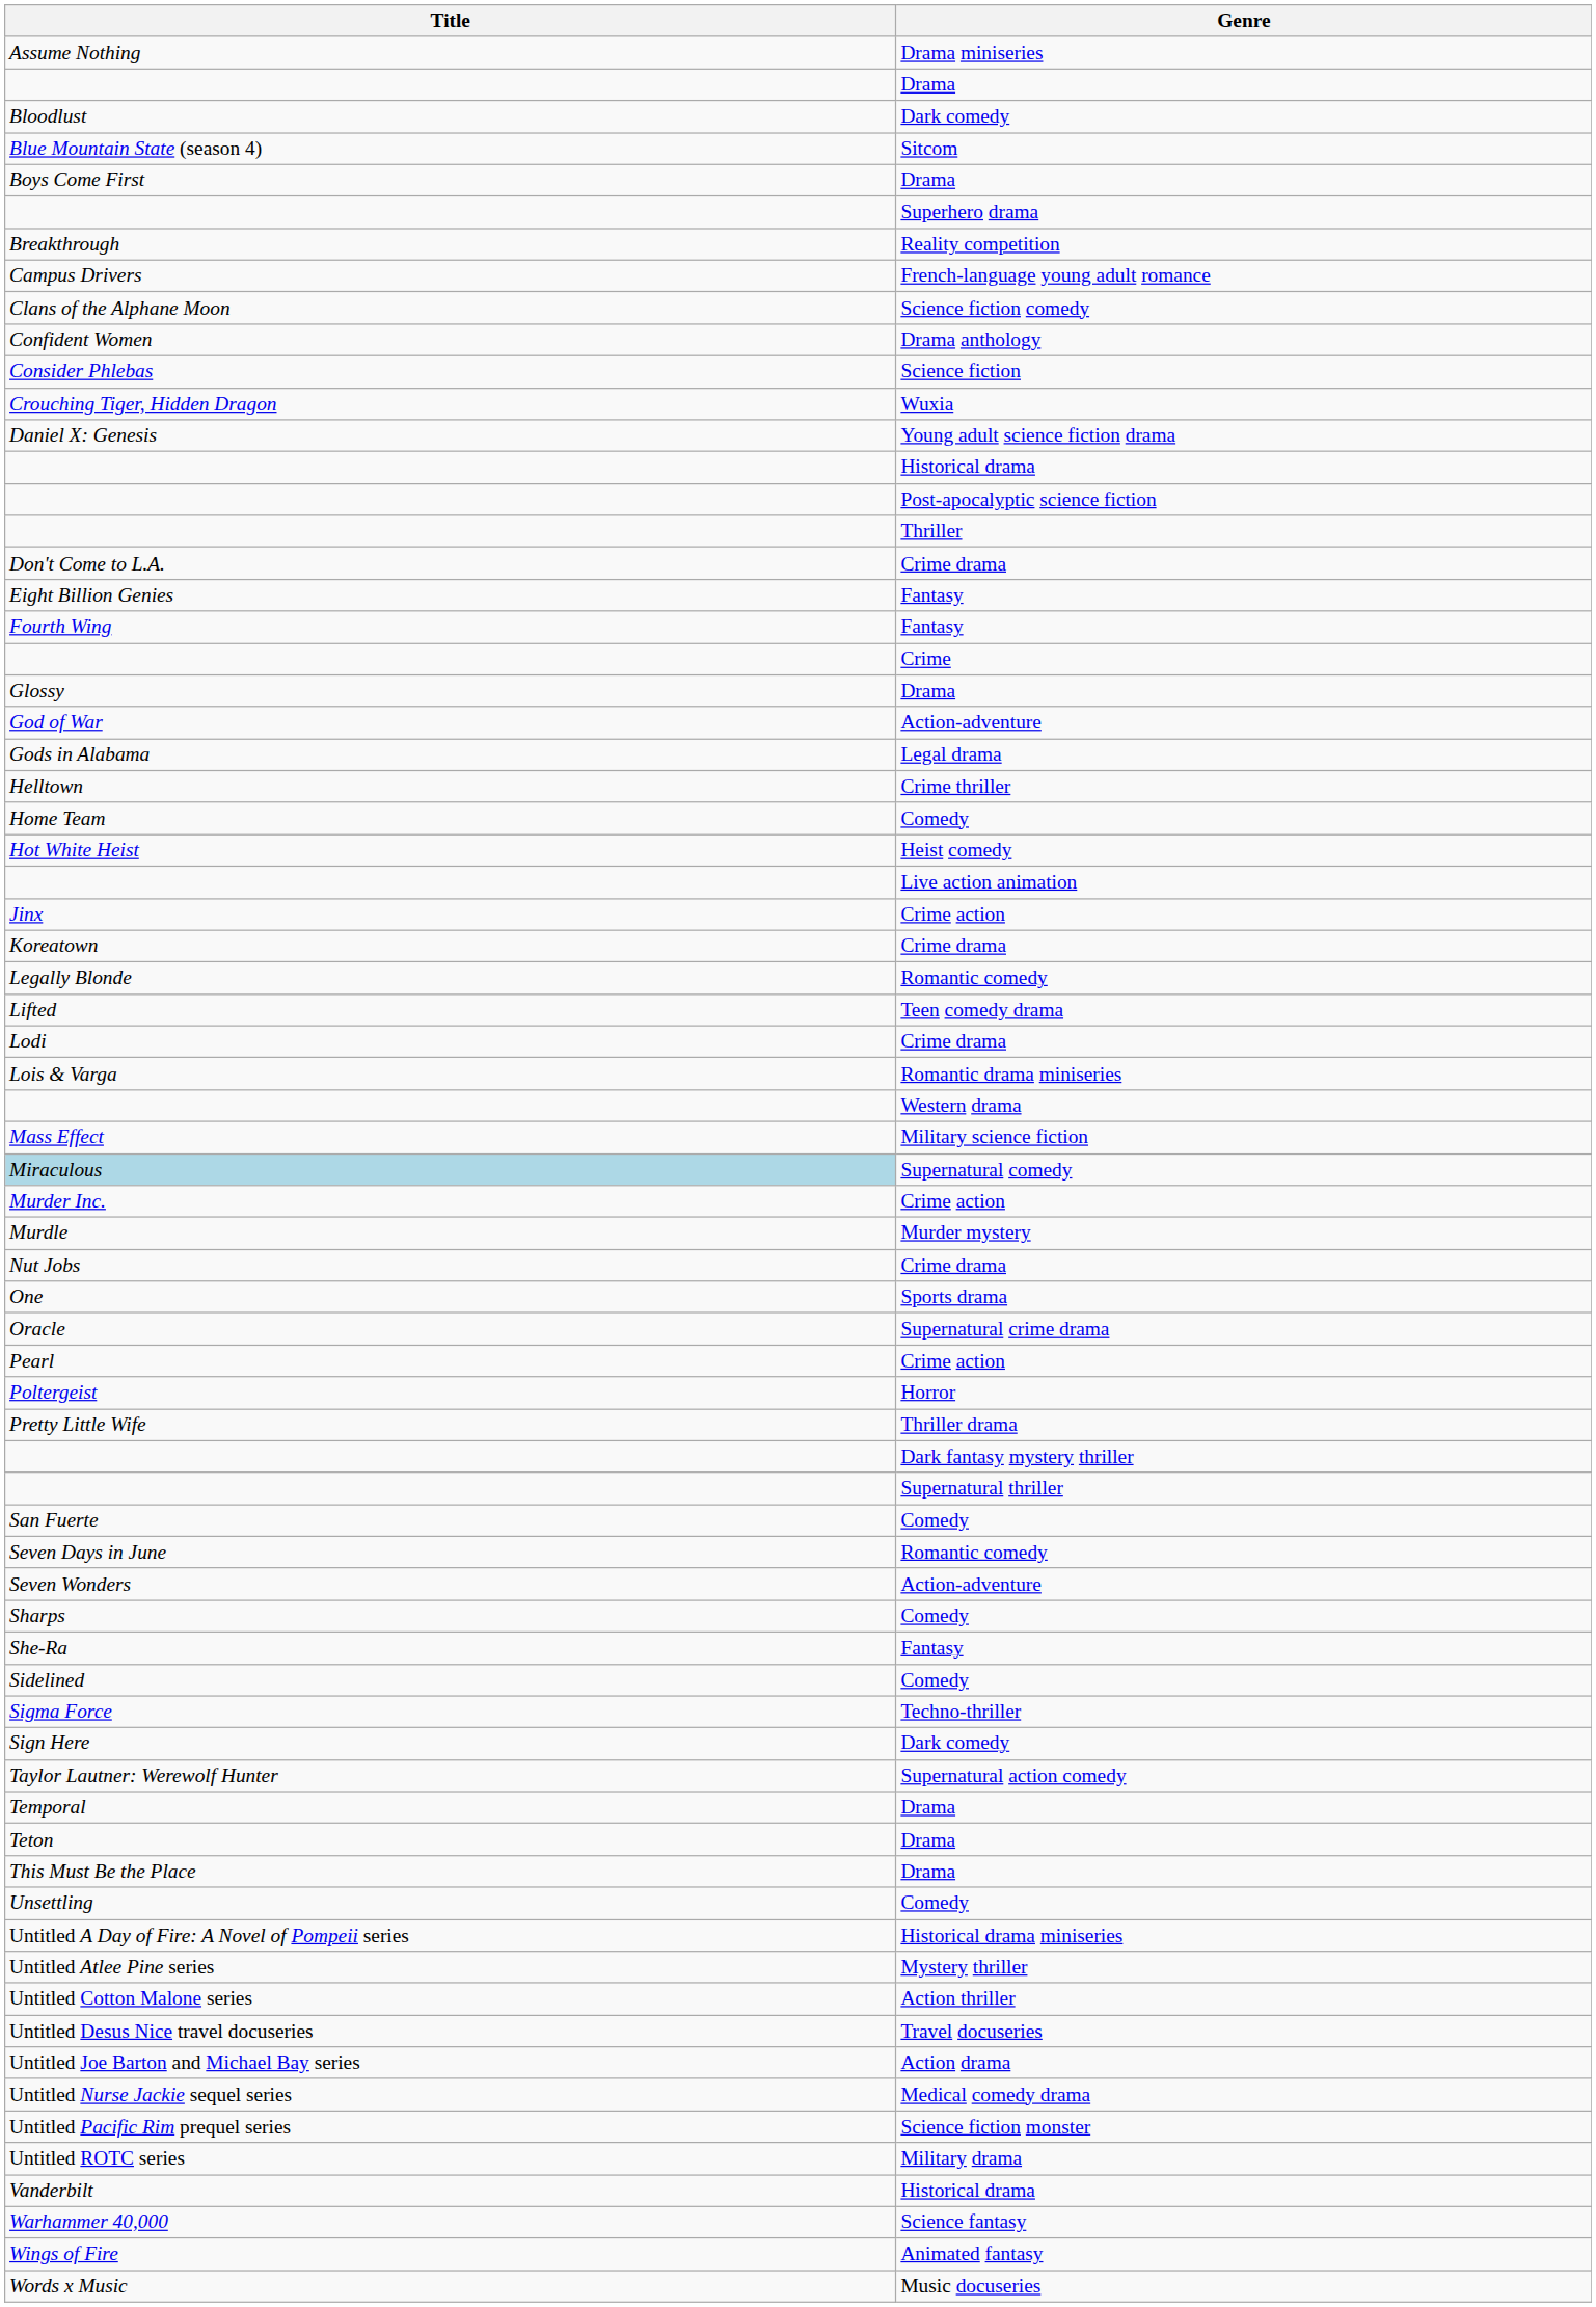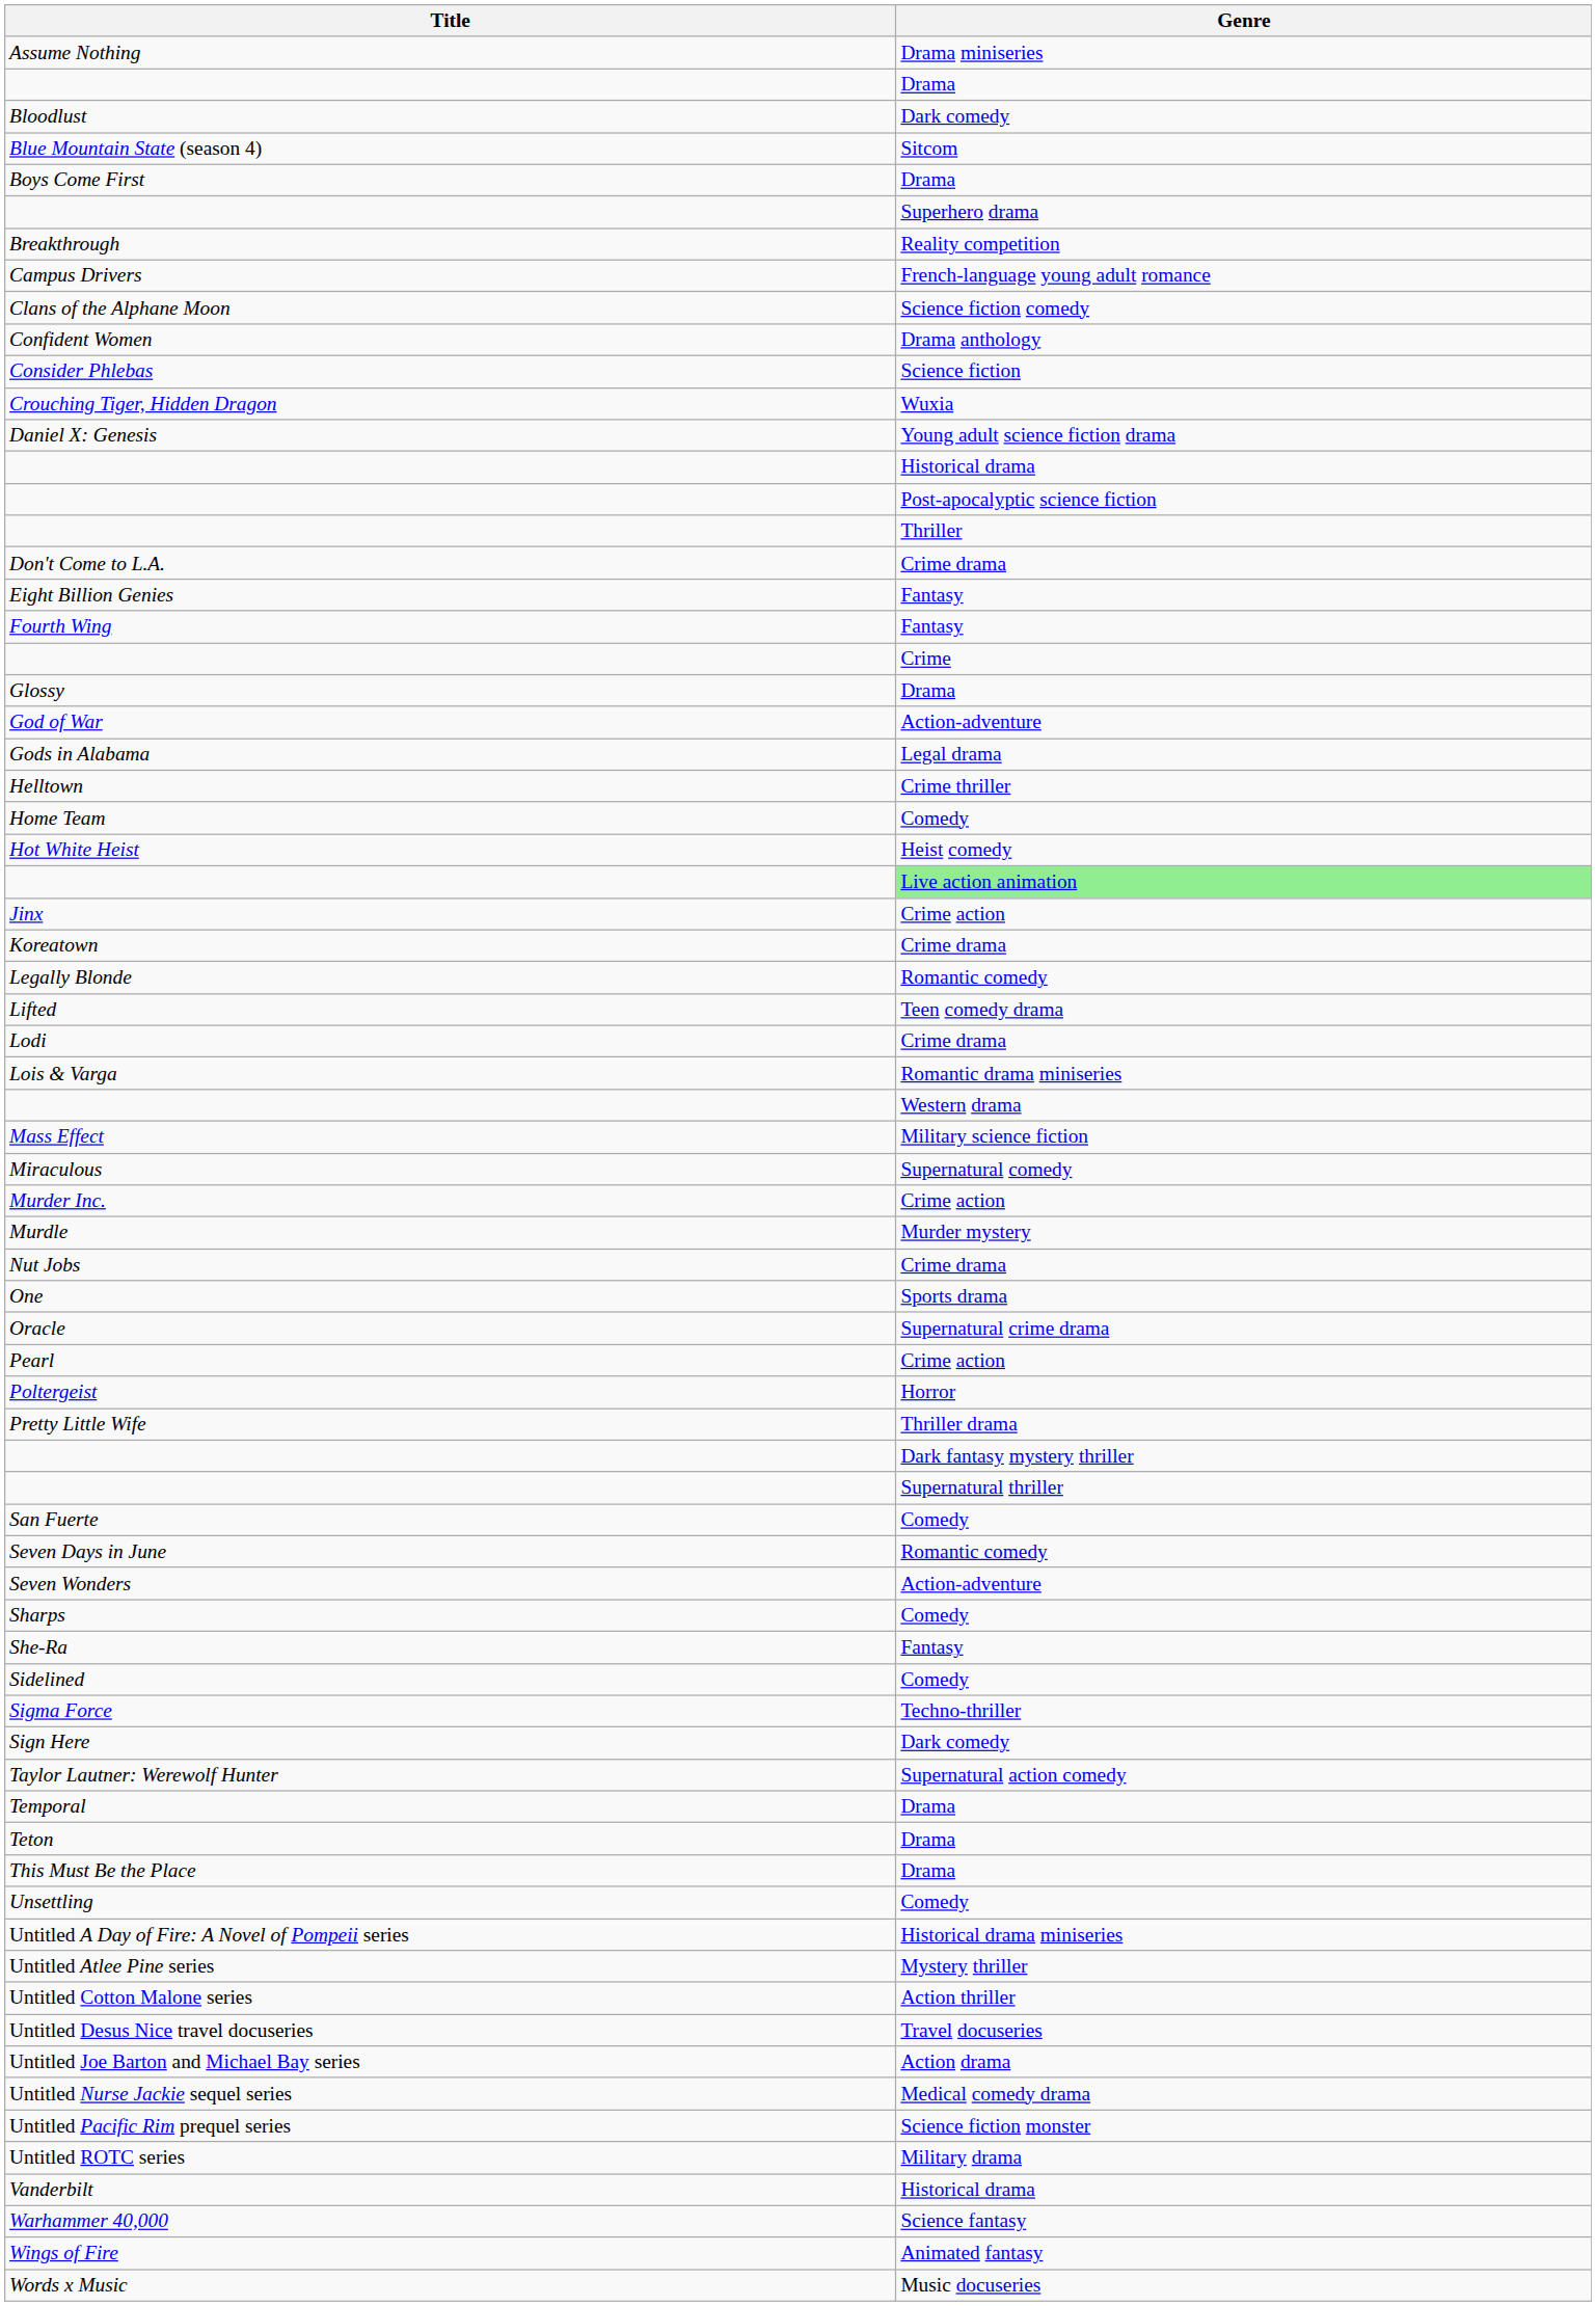 <table class="wikitable sortable" style="width:100%;">
 <tr>
 <th>Title</th>
 <th>Genre</th>
 </tr>
 <tr>
 <td><em>Assume Nothing</em></td>
 <td><a href='#'>Drama</a> <a href='#'>miniseries</a></td>
 </tr>
 <tr>
 <td><em></em></td>
 <td><a href='#'>Drama</a></td>
 </tr>
 <tr>
 <td><em>Bloodlust</em></td>
 <td><a href='#'>Dark comedy</a></td>
 </tr>
 <tr>
 <td><em><a href='#'>Blue Mountain State</a></em> (season 4)</td>
 <td><a href='#'>Sitcom</a></td>
 </tr>
 <tr>
 <td><em>Boys Come First</em></td>
 <td><a href='#'>Drama</a></td>
 </tr>
 <tr>
 <td><em></em></td>
 <td><a href='#'>Superhero</a> <a href='#'>drama</a></td>
 </tr>
 <tr>
 <td><em>Breakthrough</em></td>
 <td><a href='#'>Reality competition</a></td>
 </tr>
 <tr>
 <td><em>Campus Drivers</em></td>
 <td><a href='#'>French-language</a> <a href='#'>young adult</a> <a href='#'>romance</a></td>
 </tr>
 <tr>
 <td><em>Clans of the Alphane Moon</em></td>
 <td><a href='#'>Science fiction</a> <a href='#'>comedy</a></td>
 </tr>
 <tr>
 <td><em>Confident Women</em></td>
 <td><a href='#'>Drama</a> <a href='#'>anthology</a></td>
 </tr>
 <tr>
 <td><em><a href='#'>Consider Phlebas</a></em></td>
 <td><a href='#'>Science fiction</a></td>
 </tr>
 <tr>
 <td><em><a href='#'>Crouching Tiger, Hidden Dragon</a></em></td>
 <td><a href='#'>Wuxia</a></td>
 </tr>
 <tr>
 <td><em>Daniel X: Genesis</em></td>
 <td><a href='#'>Young adult</a> <a href='#'>science fiction</a> <a href='#'>drama</a></td>
 </tr>
 <tr>
 <td><em></em></td>
 <td><a href='#'>Historical drama</a></td>
 </tr>
 <tr>
 <td><em></em></td>
 <td><a href='#'>Post-apocalyptic</a> <a href='#'>science fiction</a></td>
 </tr>
 <tr>
 <td><em></em></td>
 <td><a href='#'>Thriller</a></td>
 </tr>
 <tr>
 <td><em>Don't Come to L.A.</em></td>
 <td><a href='#'>Crime drama</a></td>
 </tr>
 <tr>
 <td><em>Eight Billion Genies</em></td>
 <td><a href='#'>Fantasy</a></td>
 </tr>
 <tr>
 <td><em><a href='#'>Fourth Wing</a></em></td>
 <td><a href='#'>Fantasy</a></td>
 </tr>
 <tr>
 <td><em></em></td>
 <td><a href='#'>Crime</a></td>
 </tr>
 <tr>
 <td><em>Glossy</em></td>
 <td><a href='#'>Drama</a></td>
 </tr>
 <tr>
 <td><em><a href='#'>God of War</a></em></td>
 <td><a href='#'>Action-adventure</a></td>
 </tr>
 <tr>
 <td><em>Gods in Alabama</em></td>
 <td><a href='#'>Legal drama</a></td>
 </tr>
 <tr>
 <td><em>Helltown</em></td>
 <td><a href='#'>Crime thriller</a></td>
 </tr>
 <tr>
 <td><em>Home Team</em></td>
 <td><a href='#'>Comedy</a></td>
 </tr>
 <tr>
 <td><em><a href='#'>Hot White Heist</a></em></td>
 <td><a href='#'>Heist</a> <a href='#'>comedy</a></td>
 </tr>
 <tr>
 <td><em></em></td>
-<td><a href='#'>Live action animation</a></td>
+<td style="background: lightgreen;"><a href='#'>Live action animation</a></td>
 </tr>
 <tr>
 <td><em><a href='#'>Jinx</a></em></td>
 <td><a href='#'>Crime</a> <a href='#'>action</a></td>
 </tr>
 <tr>
 <td><em>Koreatown</em></td>
 <td><a href='#'>Crime drama</a></td>
 </tr>
 <tr>
 <td><em>Legally Blonde</em></td>
 <td><a href='#'>Romantic comedy</a></td>
 </tr>
 <tr>
 <td><em>Lifted</em></td>
 <td><a href='#'>Teen</a> <a href='#'>comedy drama</a></td>
 </tr>
 <tr>
 <td><em>Lodi</em></td>
 <td><a href='#'>Crime drama</a></td>
 </tr>
 <tr>
 <td><em>Lois & Varga</em></td>
 <td><a href='#'>Romantic drama</a> <a href='#'>miniseries</a></td>
 </tr>
 <tr>
 <td></td>
 <td><a href='#'>Western</a> <a href='#'>drama</a></td>
 </tr>
 <tr>
 <td><em><a href='#'>Mass Effect</a></em></td>
 <td><a href='#'>Military science fiction</a></td>
 </tr>
 <tr>
-<td style="background: lightblue;"><em>Miraculous</em></td>
+<td><em>Miraculous</em></td>
 <td><a href='#'>Supernatural</a> <a href='#'>comedy</a></td>
 </tr>
 <tr>
 <td><em><a href='#'>Murder Inc.</a></em></td>
 <td><a href='#'>Crime</a> <a href='#'>action</a></td>
 </tr>
 <tr>
 <td><em>Murdle</em></td>
 <td><a href='#'>Murder mystery</a></td>
 </tr>
 <tr>
 <td><em>Nut Jobs</em></td>
 <td><a href='#'>Crime drama</a></td>
 </tr>
 <tr>
 <td><em>One</em></td>
 <td><a href='#'>Sports drama</a></td>
 </tr>
 <tr>
 <td><em>Oracle</em></td>
 <td><a href='#'>Supernatural</a> <a href='#'>crime drama</a></td>
 </tr>
 <tr>
 <td><em>Pearl</em></td>
 <td><a href='#'>Crime</a> <a href='#'>action</a></td>
 </tr>
 <tr>
 <td><em><a href='#'>Poltergeist</a></em></td>
 <td><a href='#'>Horror</a></td>
 </tr>
 <tr>
 <td><em>Pretty Little Wife</em></td>
 <td><a href='#'>Thriller drama</a></td>
 </tr>
 <tr>
 <td><em></em></td>
 <td><a href='#'>Dark fantasy</a> <a href='#'>mystery</a> <a href='#'>thriller</a></td>
 </tr>
 <tr>
 <td><em></em></td>
 <td><a href='#'>Supernatural</a> <a href='#'>thriller</a></td>
 </tr>
 <tr>
 <td><em>San Fuerte</em></td>
 <td><a href='#'>Comedy</a></td>
 </tr>
 <tr>
 <td><em>Seven Days in June</em></td>
 <td><a href='#'>Romantic comedy</a></td>
 </tr>
 <tr>
 <td><em>Seven Wonders</em></td>
 <td><a href='#'>Action-adventure</a></td>
 </tr>
 <tr>
 <td><em>Sharps</em></td>
 <td><a href='#'>Comedy</a></td>
 </tr>
 <tr>
 <td><em>She-Ra</em></td>
 <td><a href='#'>Fantasy</a></td>
 </tr>
 <tr>
 <td><em>Sidelined</em></td>
 <td><a href='#'>Comedy</a></td>
 </tr>
 <tr>
 <td><em><a href='#'>Sigma Force</a></em></td>
 <td><a href='#'>Techno-thriller</a></td>
 </tr>
 <tr>
 <td><em>Sign Here</em></td>
 <td><a href='#'>Dark comedy</a></td>
 </tr>
 <tr>
 <td><em>Taylor Lautner: Werewolf Hunter</em></td>
 <td><a href='#'>Supernatural</a> <a href='#'>action comedy</a></td>
 </tr>
 <tr>
 <td><em>Temporal</em></td>
 <td><a href='#'>Drama</a></td>
 </tr>
 <tr>
 <td><em>Teton</em></td>
 <td><a href='#'>Drama</a></td>
 </tr>
 <tr>
 <td><em>This Must Be the Place</em></td>
 <td><a href='#'>Drama</a></td>
 </tr>
 <tr>
 <td><em>Unsettling</em></td>
 <td><a href='#'>Comedy</a></td>
 </tr>
 <tr>
 <td>Untitled <em>A Day of Fire: A Novel of <a href='#'>Pompeii</a></em> series</td>
 <td><a href='#'>Historical drama</a> <a href='#'>miniseries</a></td>
 </tr>
 <tr>
 <td>Untitled <em>Atlee Pine</em> series</td>
 <td><a href='#'>Mystery</a> <a href='#'>thriller</a></td>
 </tr>
 <tr>
 <td>Untitled <a href='#'>Cotton Malone</a> series</td>
 <td><a href='#'>Action thriller</a></td>
 </tr>
 <tr>
 <td>Untitled <a href='#'>Desus Nice</a> travel docuseries</td>
 <td><a href='#'>Travel</a> <a href='#'>docuseries</a></td>
 </tr>
 <tr>
 <td>Untitled <a href='#'>Joe Barton</a> and <a href='#'>Michael Bay</a> series</td>
 <td><a href='#'>Action</a> <a href='#'>drama</a></td>
 </tr>
 <tr>
 <td>Untitled <em><a href='#'>Nurse Jackie</a></em> sequel series</td>
 <td><a href='#'>Medical</a> <a href='#'>comedy drama</a></td>
 </tr>
 <tr>
 <td>Untitled <em><a href='#'>Pacific Rim</a></em> prequel series</td>
 <td><a href='#'>Science fiction</a> <a href='#'>monster</a></td>
 </tr>
 <tr>
 <td>Untitled <a href='#'>ROTC</a> series</td>
 <td><a href='#'>Military</a> <a href='#'>drama</a></td>
 </tr>
 <tr>
 <td><em>Vanderbilt</em></td>
 <td><a href='#'>Historical drama</a></td>
 </tr>
 <tr>
 <td><em><a href='#'>Warhammer 40,000</a></em></td>
 <td><a href='#'>Science fantasy</a></td>
 </tr>
 <tr>
 <td><em><a href='#'>Wings of Fire</a></em></td>
 <td><a href='#'>Animated</a> <a href='#'>fantasy</a></td>
 </tr>
 <tr>
 <td><em>Words x Music</em></td>
 <td>Music <a href='#'>docuseries</a></td>
 </tr>
 </table>
